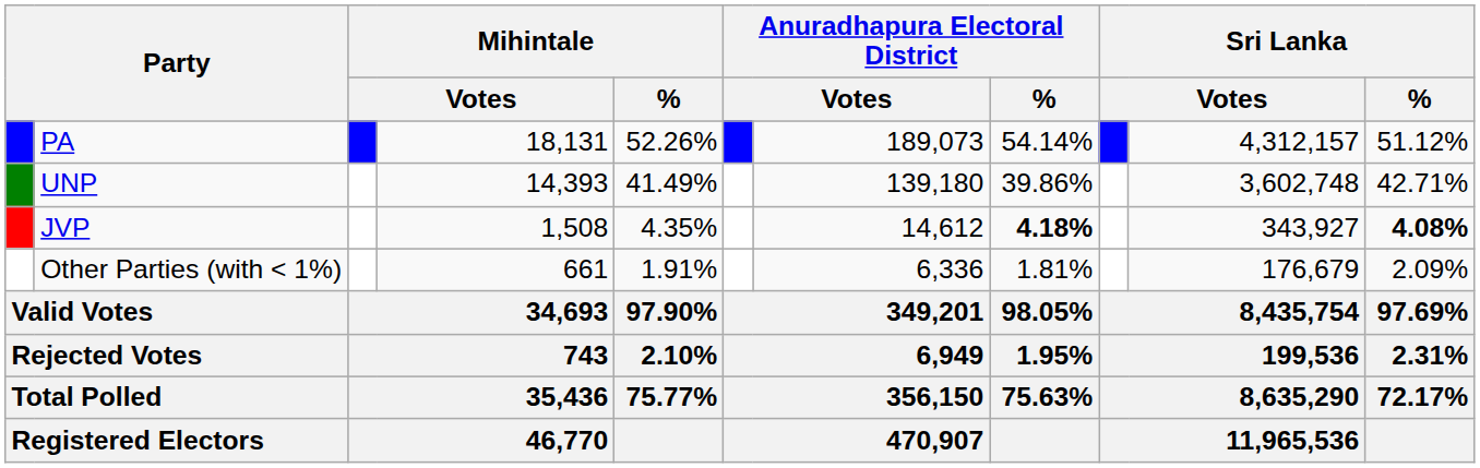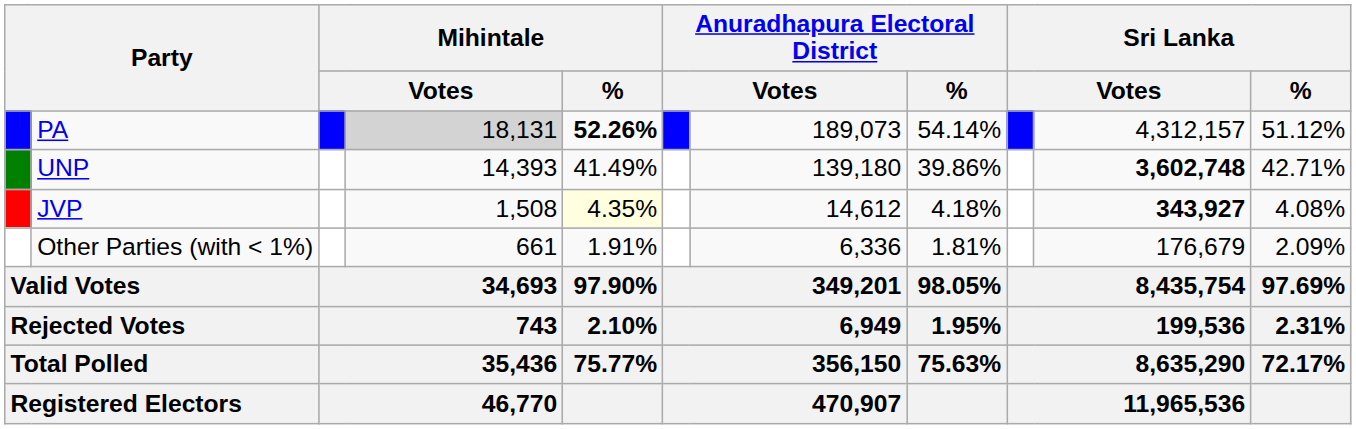 <table class="wikitable">
 <tr>
 <th colspan="2" width="144px"rowspan="2">Party</th>
 <th colspan="3" width="216px">Mihintale</th>
 <th colspan="3" width="216px"><a href='#'>Anuradhapura Electoral District</a></th>
 <th colspan="3" width="216px">Sri Lanka</th>
 </tr>
 <tr>
 <th colspan="2" width="144px">Votes</th>
 <th>%</th>
 <th colspan="2" width="144px">Votes</th>
 <th>%</th>
 <th colspan="2" width="144px">Votes</th>
 <th>%</th>
 </tr>
 <tr>
 <td style="background-color:blue;" width="10px"></td>
 <td style="text-align:left;"><a href='#'>PA</a></td>
 <td style="background-color:blue;" width="10px"></td>
-<td style="text-align:right;">18,131</td>
-<td style="text-align:right;">52.26%</td>
+<td style="background: lightgrey; text-align:right;">18,131</td>
+<td style="text-align:right;"><strong>52.26%</strong></td>
 <td style="background-color:blue;" width="10px"></td>
 <td style="text-align:right;">189,073</td>
 <td style="text-align:right;">54.14%</td>
 <td style="background-color:blue;" width="10px"></td>
 <td style="text-align:right;">4,312,157</td>
 <td style="text-align:right;">51.12%</td>
 </tr>
 <tr>
 <td style="background-color:green;" width="10px"></td>
 <td style="text-align:left;"><a href='#'>UNP</a></td>
 <td style="background-color:white;" width="10px"></td>
 <td style="text-align:right;">14,393</td>
 <td style="text-align:right;">41.49%</td>
 <td style="background-color:white;" width="10px"></td>
 <td style="text-align:right;">139,180</td>
 <td style="text-align:right;">39.86%</td>
 <td style="background-color:white;" width="10px"></td>
-<td style="text-align:right;">3,602,748</td>
+<td style="text-align:right;"><strong>3,602,748</strong></td>
 <td style="text-align:right;">42.71%</td>
 </tr>
 <tr>
 <td style="background-color:red;" width="10px"></td>
 <td style="text-align:left;"><a href='#'>JVP</a></td>
 <td style="background-color:white;" width="10px"></td>
 <td style="text-align:right;">1,508</td>
-<td style="text-align:right;">4.35%</td>
+<td style="background: lightyellow; text-align:right;">4.35%</td>
 <td style="background-color:white;" width="10px"></td>
 <td style="text-align:right;">14,612</td>
-<td style="text-align:right;"><strong>4.18%</strong></td>
+<td style="text-align:right;">4.18%</td>
 <td style="background-color:white;" width="10px"></td>
-<td style="text-align:right;">343,927</td>
-<td style="text-align:right;"><strong>4.08%</strong></td>
+<td style="text-align:right;"><strong>343,927</strong></td>
+<td style="text-align:right;">4.08%</td>
 </tr>
 <tr>
 <td style="background-color:white;" width="10px"></td>
 <td style="text-align:left;">Other Parties (with < 1%)</td>
 <td style="background-color:white;" width="10px"></td>
 <td style="text-align:right;">661</td>
 <td style="text-align:right;">1.91%</td>
 <td style="background-color:white;" width="10px"></td>
 <td style="text-align:right;">6,336</td>
 <td style="text-align:right;">1.81%</td>
 <td style="background-color:white;" width="10px"></td>
 <td style="text-align:right;">176,679</td>
 <td style="text-align:right;">2.09%</td>
 </tr>
 <tr>
 <th colspan="2" width="144px"style="text-align:left;">Valid Votes</th>
 <th style="text-align:right;"colspan="2" width="144px">34,693</th>
 <th style="text-align:right;">97.90%</th>
 <th style="text-align:right;"colspan="2" width="144px">349,201</th>
 <th style="text-align:right;">98.05%</th>
 <th style="text-align:right;"colspan="2" width="144px">8,435,754</th>
 <th style="text-align:right;">97.69%</th>
 </tr>
 <tr>
 <th colspan="2" width="144px"style="text-align:left;">Rejected Votes</th>
 <th style="text-align:right;"colspan="2" width="144px">743</th>
 <th style="text-align:right;">2.10%</th>
 <th style="text-align:right;"colspan="2" width="144px">6,949</th>
 <th style="text-align:right;">1.95%</th>
 <th style="text-align:right;"colspan="2" width="144px">199,536</th>
 <th style="text-align:right;">2.31%</th>
 </tr>
 <tr>
 <th colspan="2" width="144px"style="text-align:left;">Total Polled</th>
 <th style="text-align:right;"colspan="2" width="144px">35,436</th>
 <th style="text-align:right;">75.77%</th>
 <th style="text-align:right;"colspan="2" width="144px">356,150</th>
 <th style="text-align:right;">75.63%</th>
 <th style="text-align:right;"colspan="2" width="144px">8,635,290</th>
 <th style="text-align:right;">72.17%</th>
 </tr>
 <tr>
 <th colspan="2" width="144px"style="text-align:left;">Registered Electors</th>
 <th style="text-align:right;"colspan="2" width="144px">46,770</th>
 <th></th>
 <th style="text-align:right;"colspan="2" width="144px">470,907</th>
 <th></th>
 <th style="text-align:right;"colspan="2" width="144px">11,965,536</th>
 <th></th>
 </tr>
 </table>
